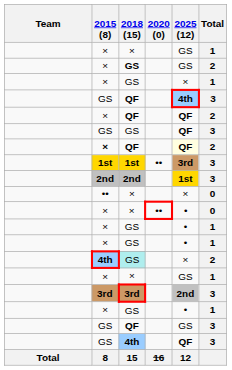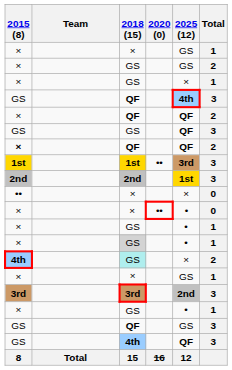 <table class="wikitable" style="text-align:center; font-size:90%;">
 <tr>
+<th><br><a href='#'>2015</a><br>(8)</th>
 <th style="width:120px;">Team</th>
-<th><br><a href='#'>2015</a><br>(8)</th>
 <th><br><a href='#'>2018</a><br>(15)</th>
 <th><br><a href='#'>2020</a><br>(0)</th>
 <th><br><a href='#'>2025</a><br>(12)</th>
 <th>Total</th>
 </tr>
 <tr>
+<td>×</td>
 <td style="text-align:left;"></td>
-<td>×</td>
 <td>×</td>
 <td></td>
 <td>GS</td>
 <th>1</th>
 </tr>
 <tr>
+<td>×</td>
 <td style="text-align:left;"></td>
-<td>×</td>
-<td><strong>GS</strong></td>
+<td>GS</td>
 <td></td>
 <td>GS</td>
 <th>2</th>
 </tr>
 <tr>
+<td>×</td>
 <td style="text-align:left;"></td>
-<td>×</td>
 <td>GS</td>
 <td></td>
 <td>×</td>
 <th>1</th>
 </tr>
 <tr>
+<td>GS</td>
 <td style="text-align:left;"></td>
-<td>GS</td>
 <td><strong>QF</strong></td>
 <td></td>
 <td style="background-color:#9acdff; border:3px solid red;"><strong>4th</strong></td>
 <th>3</th>
 </tr>
 <tr>
+<td>×</td>
 <td style="text-align:left;"></td>
-<td>×</td>
 <td><strong>QF</strong></td>
 <td></td>
 <td><strong>QF</strong></td>
 <th>2</th>
 </tr>
 <tr>
+<td>GS</td>
 <td style="text-align:left;"></td>
-<td>GS</td>
 <td>GS</td>
 <td></td>
 <td><strong>QF</strong></td>
 <th>3</th>
 </tr>
 <tr>
+<td><strong>×</strong></td>
 <td style="text-align:left;"></td>
-<td><strong>×</strong></td>
 <td><strong>QF</strong></td>
 <td></td>
-<td style="background: lightyellow;"><strong>QF</strong></td>
+<td><strong>QF</strong></td>
 <th>2</th>
 </tr>
 <tr>
+<td style="background-color:gold;"><strong>1st</strong></td>
 <td style="text-align:left;"></td>
-<td style="background-color:gold;"><strong>1st</strong></td>
 <td style="background-color:gold;"><strong>1st</strong></td>
 <td>••</td>
 <td style="background-color:#cc9966;"><strong>3rd</strong></td>
 <th>3</th>
 </tr>
 <tr>
+<td style="background-color:silver;"><strong>2nd</strong></td>
 <td style="text-align:left;"></td>
-<td style="background-color:silver;"><strong>2nd</strong></td>
 <td style="background-color:silver;"><strong>2nd</strong></td>
 <td></td>
 <td style="background-color:gold;"><strong>1st</strong></td>
 <th>3</th>
 </tr>
 <tr>
+<td>••</td>
 <td style="text-align:left;"></td>
-<td>••</td>
 <td>×</td>
 <td></td>
 <td>×</td>
 <th>0</th>
 </tr>
 <tr>
+<td>×</td>
 <td style="text-align:left;"></td>
-<td>×</td>
 <td>×</td>
 <td style="border:3px solid red;">••</td>
 <td>•</td>
 <th>0</th>
 </tr>
 <tr>
+<td>×</td>
 <td style="text-align:left;"></td>
-<td>×</td>
 <td>GS</td>
 <td></td>
 <td>•</td>
 <th>1</th>
 </tr>
 <tr>
+<td>×</td>
+<td style="text-align:left;"></td>
+<td style="background: lightgrey;">GS</td>
+<td></td>
+<td>•</td>
+<th>1</th>
+</tr>
+<tr>
+<td style="background-color:#9acdff; border:3px solid red;"><strong>4th</strong></td>
+<td style="text-align:left;"></td>
+<td style="background: paleturquoise;">GS</td>
+<td></td>
+<td>×</td>
+<th>2</th>
+</tr>
+<tr>
+<td>×</td>
 <td style="text-align:left;"></td>
 <td>×</td>
+<td></td>
+<td>GS</td>
+<th>1</th>
+</tr>
+<tr>
+<td style="background-color:#cc9966;"><strong>3rd</strong></td>
+<td style="text-align:left;"></td>
+<td style="background-color:#cc9966; border:3px solid red;"><strong>3rd</strong></td>
+<td></td>
+<td style="background-color:silver;"><strong>2nd</strong></td>
+<th>3</th>
+</tr>
+<tr>
+<td>×</td>
+<td style="text-align:left;"></td>
 <td>GS</td>
 <td></td>
 <td>•</td>
 <th>1</th>
 </tr>
 <tr>
+<td>GS</td>
 <td style="text-align:left;"></td>
-<td style="background-color:#9acdff; border:3px solid red;"><strong>4th</strong></td>
-<td style="background: paleturquoise;">GS</td>
-<td></td>
-<td>×</td>
-<th>2</th>
-</tr>
-<tr>
-<td style="text-align:left;"></td>
-<td>×</td>
-<td>×</td>
-<td></td>
-<td>GS</td>
-<th>1</th>
-</tr>
-<tr>
-<td style="text-align:left;"></td>
-<td style="background-color:#cc9966;"><strong>3rd</strong></td>
-<td style="background-color:#cc9966; border:3px solid red;"><strong>3rd</strong></td>
-<td></td>
-<td style="background-color:silver;"><strong>2nd</strong></td>
-<th>3</th>
-</tr>
-<tr>
-<td style="text-align:left;"></td>
-<td>×</td>
-<td>GS</td>
-<td></td>
-<td>•</td>
-<th>1</th>
-</tr>
-<tr>
-<td style="text-align:left;"></td>
-<td>GS</td>
 <td><strong>QF</strong></td>
 <td></td>
 <td>GS</td>
 <th>3</th>
 </tr>
 <tr>
+<td>GS</td>
 <td style="text-align:left;"></td>
-<td>GS</td>
 <td style="background-color:#9acdff;"><strong>4th</strong></td>
 <td></td>
 <td><strong>QF</strong></td>
 <th>3</th>
 </tr>
 <tr>
+<th>8</th>
 <th>Total</th>
-<th>8</th>
 <th>15</th>
 <th><s>16</s></th>
 <th>12</th>
 <th></th>
 </tr>
 </table>
